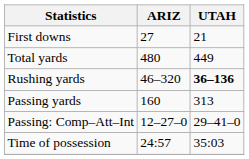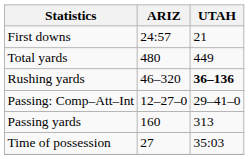 <table class="wikitable" style="float: left;">
 <tr>
 <th>Statistics</th>
 <th>ARIZ</th>
 <th>UTAH</th>
 </tr>
 <tr>
 <td>First downs</td>
-<td>27</td>
+<td>24:57</td>
 <td>21</td>
 </tr>
 <tr>
 <td>Total yards</td>
 <td>480</td>
 <td>449</td>
 </tr>
 <tr>
 <td>Rushing yards</td>
 <td>46–320</td>
 <td><strong>36–136</strong></td>
 </tr>
 <tr>
+<td>Passing: Comp–Att–Int</td>
+<td>12–27–0</td>
+<td>29–41–0</td>
+</tr>
+<tr>
 <td>Passing yards</td>
 <td>160</td>
 <td>313</td>
 </tr>
 <tr>
-<td>Passing: Comp–Att–Int</td>
-<td>12–27–0</td>
-<td>29–41–0</td>
-</tr>
-<tr>
 <td>Time of possession</td>
-<td>24:57</td>
+<td>27</td>
 <td>35:03</td>
 </tr>
 <tr>
 </tr>
 </table>
